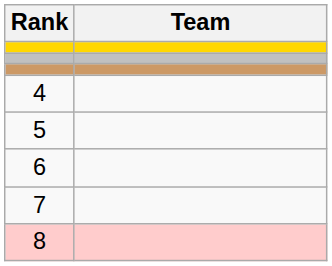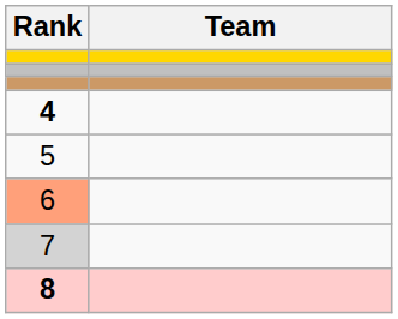 <table class="wikitable" style="width:220px;">
 <tr>
 <th width=40px>Rank</th>
 <th>Team</th>
 </tr>
 <tr style="background:gold;">
 <td align=center></td>
 <td></td>
 </tr>
 <tr style="background:silver;">
 <td align=center></td>
 <td></td>
 </tr>
 <tr style="background:#cc9966;">
 <td align=center></td>
 <td></td>
 </tr>
 <tr>
-<td align=center>4</td>
+<td align=center><strong>4</strong></td>
 <td></td>
 </tr>
 <tr>
 <td align=center>5</td>
 <td></td>
 </tr>
 <tr>
-<td align=center>6</td>
+<td align=center style="background: lightsalmon;">6</td>
 <td></td>
 </tr>
 <tr>
-<td align=center>7</td>
+<td align=center style="background: lightgrey;">7</td>
 <td></td>
 </tr>
 <tr style="background:#ffcccc;">
-<td align=center>8</td>
+<td align=center><strong>8</strong></td>
 <td></td>
 </tr>
 </table>
